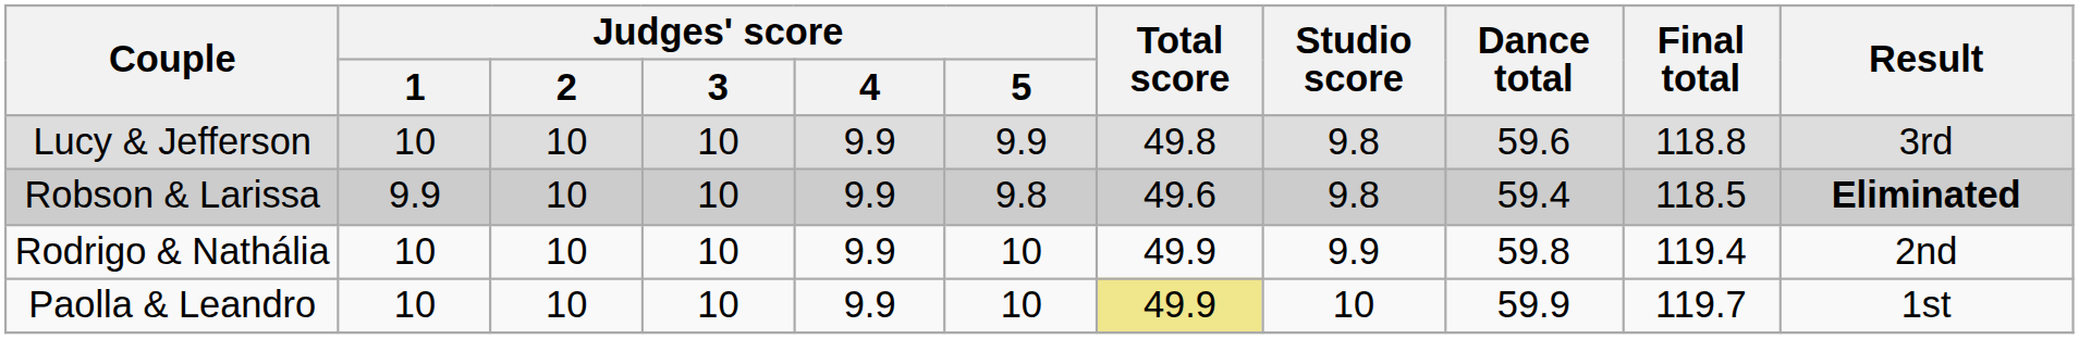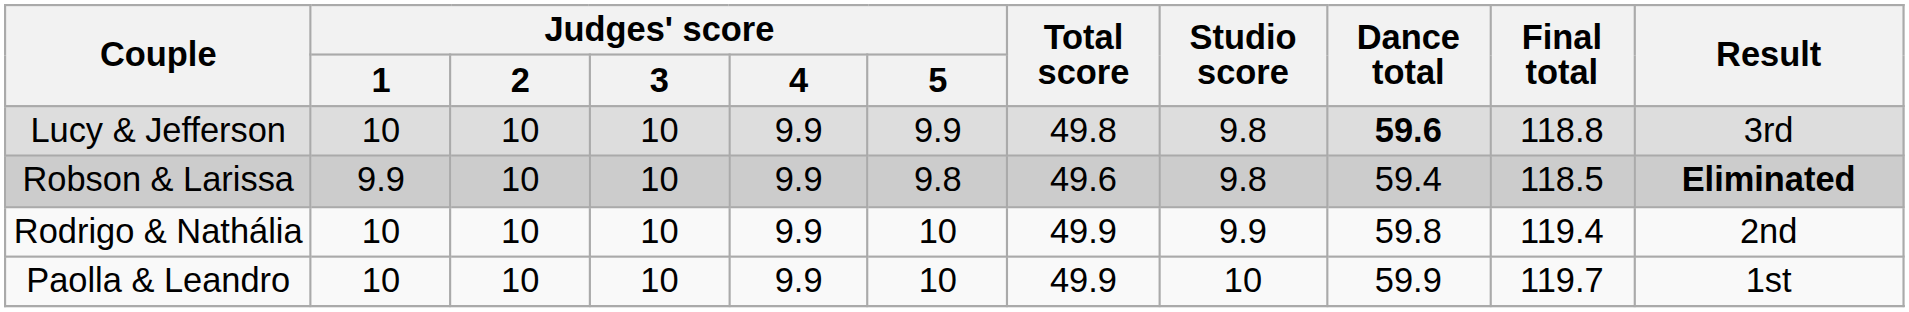 <table class="wikitable" style="font-size:100%; line-height:16px; text-align:center" width="100%">
 <tr>
 <th rowspan=2 width="11.0%">Couple</th>
 <th colspan=5 width="25.0%">Judges' score</th>
 <th rowspan=2 width="05.0%">Total<br>score</th>
 <th rowspan=2 width="05.0%">Studio<br>score</th>
 <th rowspan=2 width="05.0%">Dance<br>total</th>
 <th rowspan=2 width="05.0%">Final<br>total</th>
 <th rowspan=2 width="09.0%">Result</th>
 </tr>
 <tr>
 <th width="05.0%">1</th>
 <th width="05.0%">2</th>
 <th width="05.0%">3</th>
 <th width="05.0%">4</th>
 <th width="05.0%">5</th>
 </tr>
 <tr bgcolor=DDDDDD>
 <td>Lucy & Jefferson</td>
 <td>10</td>
 <td>10</td>
 <td>10</td>
 <td>9.9</td>
 <td>9.9</td>
 <td>49.8</td>
 <td>9.8</td>
-<td>59.6</td>
+<td><strong>59.6</strong></td>
 <td>118.8</td>
 <td>3rd</td>
 </tr>
 <tr bgcolor=CCCCCC>
 <td>Robson & Larissa</td>
 <td>9.9</td>
 <td>10</td>
 <td>10</td>
 <td>9.9</td>
 <td>9.8</td>
 <td>49.6</td>
 <td>9.8</td>
 <td>59.4</td>
 <td>118.5</td>
 <td><strong>Eliminated</strong></td>
 </tr>
 <tr>
 <td>Rodrigo & Nathália</td>
 <td>10</td>
 <td>10</td>
 <td>10</td>
 <td>9.9</td>
 <td>10</td>
 <td>49.9</td>
 <td>9.9</td>
 <td>59.8</td>
 <td>119.4</td>
 <td>2nd</td>
 </tr>
 <tr>
 <td>Paolla & Leandro</td>
 <td>10</td>
 <td>10</td>
 <td>10</td>
 <td>9.9</td>
 <td>10</td>
-<td style="background: khaki;">49.9</td>
+<td>49.9</td>
 <td>10</td>
 <td>59.9</td>
 <td>119.7</td>
 <td>1st</td>
 </tr>
 <tr>
 </tr>
 </table>
